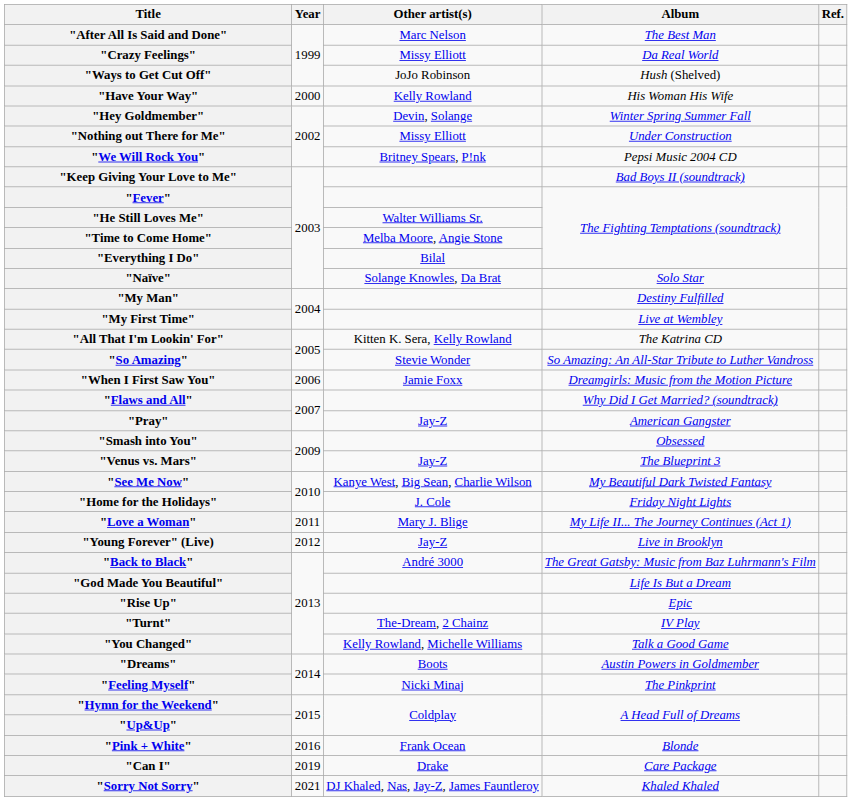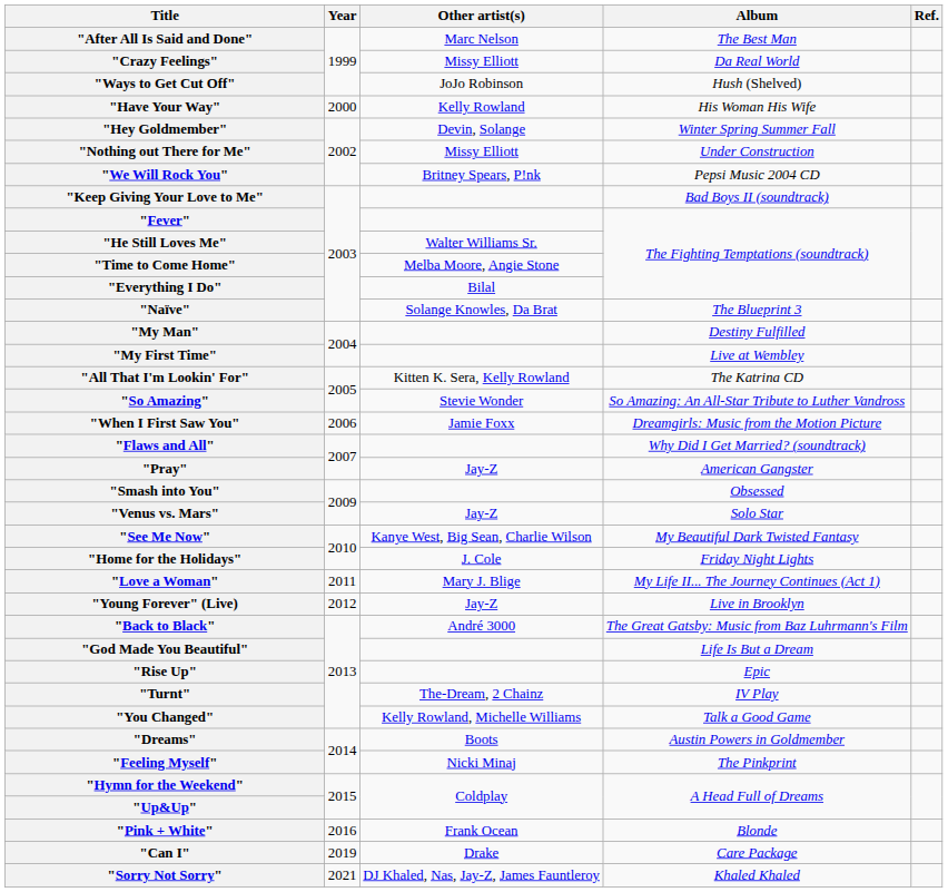 <table class="wikitable plainrowheaders" style="text-align:center;">
 <tr>
 <th scope="col" style="width:22em;">Title</th>
 <th scope="col" style="width:1em;">Year</th>
 <th scope="col">Other artist(s)</th>
 <th scope="col">Album</th>
 <th>Ref.</th>
 </tr>
 <tr>
 <th scope="row">"After All Is Said and Done"</th>
 <td rowspan="3">1999</td>
 <td><a href='#'>Marc Nelson</a></td>
 <td><em><a href='#'>The Best Man</a></em></td>
 <td></td>
 </tr>
 <tr>
 <th scope="row">"Crazy Feelings"</th>
 <td><a href='#'>Missy Elliott</a></td>
 <td><em><a href='#'>Da Real World</a></em></td>
 <td></td>
 </tr>
 <tr>
 <th scope="row">"Ways to Get Cut Off"</th>
 <td>JoJo Robinson</td>
 <td><em>Hush</em> (Shelved)</td>
 <td></td>
 </tr>
 <tr>
 <th scope="row">"Have Your Way"</th>
 <td>2000</td>
 <td><a href='#'>Kelly Rowland</a></td>
 <td><em>His Woman His Wife</em></td>
 <td></td>
 </tr>
 <tr>
 <th scope="row">"Hey Goldmember"</th>
 <td rowspan="3">2002</td>
 <td><a href='#'>Devin</a>, <a href='#'>Solange</a></td>
 <td><em><a href='#'>Winter Spring Summer Fall</a></em></td>
 <td></td>
 </tr>
 <tr>
 <th scope="row">"Nothing out There for Me"</th>
 <td><a href='#'>Missy Elliott</a></td>
 <td><em><a href='#'>Under Construction</a></em></td>
 <td></td>
 </tr>
 <tr>
 <th scope="row">"<a href='#'>We Will Rock You</a>"</th>
 <td><a href='#'>Britney Spears</a>, <a href='#'>P!nk</a></td>
 <td><em>Pepsi Music 2004 CD</em></td>
 <td></td>
 </tr>
 <tr>
 <th scope="row">"Keep Giving Your Love to Me"</th>
 <td rowspan="6">2003</td>
 <td></td>
 <td><em><a href='#'>Bad Boys II (soundtrack)</a></em></td>
 <td></td>
 </tr>
 <tr>
 <th scope="row">"<a href='#'>Fever</a>"</th>
 <td></td>
 <td rowspan="4"><em><a href='#'>The Fighting Temptations (soundtrack)</a></em></td>
 <td rowspan="4"></td>
 </tr>
 <tr>
 <th scope="row">"He Still Loves Me"</th>
 <td><a href='#'>Walter Williams Sr.</a></td>
 </tr>
 <tr>
 <th scope="row">"Time to Come Home"</th>
 <td><a href='#'>Melba Moore</a>, <a href='#'>Angie Stone</a></td>
 </tr>
 <tr>
 <th scope="row">"Everything I Do"</th>
 <td><a href='#'>Bilal</a></td>
 </tr>
 <tr>
 <th scope="row">"Naïve"</th>
 <td><a href='#'>Solange Knowles</a>, <a href='#'>Da Brat</a></td>
-<td><em><a href='#'>Solo Star</a></em></td>
+<td><em><a href='#'>The Blueprint 3</a></em></td>
 <td></td>
 </tr>
 <tr>
 <th scope="row">"My Man"</th>
 <td rowspan="2">2004</td>
 <td></td>
 <td><em><a href='#'>Destiny Fulfilled</a></em></td>
 <td></td>
 </tr>
 <tr>
 <th scope="row">"My First Time"</th>
 <td></td>
 <td><em><a href='#'>Live at Wembley</a></em></td>
 <td></td>
 </tr>
 <tr>
 <th scope="row">"All That I'm Lookin' For"</th>
 <td rowspan="2">2005</td>
 <td>Kitten K. Sera, <a href='#'>Kelly Rowland</a></td>
 <td><em>The Katrina CD</em></td>
 <td></td>
 </tr>
 <tr>
 <th scope="row">"<a href='#'>So Amazing</a>"</th>
 <td><a href='#'>Stevie Wonder</a></td>
 <td><em><a href='#'>So Amazing: An All-Star Tribute to Luther Vandross</a></em></td>
 <td></td>
 </tr>
 <tr>
 <th scope="row">"When I First Saw You"</th>
 <td>2006</td>
 <td><a href='#'>Jamie Foxx</a></td>
 <td><em><a href='#'>Dreamgirls: Music from the Motion Picture</a></em></td>
 <td></td>
 </tr>
 <tr>
 <th scope="row">"<a href='#'>Flaws and All</a>"</th>
 <td rowspan="2">2007</td>
 <td></td>
 <td><em><a href='#'>Why Did I Get Married? (soundtrack)</a></em></td>
 <td></td>
 </tr>
 <tr>
 <th scope="row">"Pray"</th>
 <td><a href='#'>Jay-Z</a></td>
 <td><em><a href='#'>American Gangster</a></em></td>
 <td></td>
 </tr>
 <tr>
 <th scope="row">"Smash into You"</th>
 <td rowspan="2">2009</td>
 <td></td>
 <td><em><a href='#'>Obsessed</a></em></td>
 <td></td>
 </tr>
 <tr>
 <th scope="row">"Venus vs. Mars"</th>
 <td><a href='#'>Jay-Z</a></td>
-<td><em><a href='#'>The Blueprint 3</a></em></td>
+<td><em><a href='#'>Solo Star</a></em></td>
 <td></td>
 </tr>
 <tr>
 <th scope="row">"<a href='#'>See Me Now</a>"</th>
 <td rowspan="2">2010</td>
 <td><a href='#'>Kanye West</a>, <a href='#'>Big Sean</a>, <a href='#'>Charlie Wilson</a></td>
 <td><em><a href='#'>My Beautiful Dark Twisted Fantasy</a></em></td>
 <td></td>
 </tr>
 <tr>
 <th scope="row">"Home for the Holidays"</th>
 <td><a href='#'>J. Cole</a></td>
 <td><em><a href='#'>Friday Night Lights</a></em></td>
 <td></td>
 </tr>
 <tr>
 <th scope="row">"<a href='#'>Love a Woman</a>"</th>
 <td>2011</td>
 <td><a href='#'>Mary J. Blige</a></td>
 <td><em><a href='#'>My Life II... The Journey Continues (Act 1)</a></em></td>
 <td></td>
 </tr>
 <tr>
 <th scope="row">"Young Forever" (Live)</th>
 <td>2012</td>
 <td><a href='#'>Jay-Z</a></td>
 <td><em><a href='#'>Live in Brooklyn</a></em></td>
 <td></td>
 </tr>
 <tr>
 <th scope="row">"<a href='#'>Back to Black</a>"</th>
 <td rowspan="5">2013</td>
 <td><a href='#'>André 3000</a></td>
 <td><em><a href='#'>The Great Gatsby: Music from Baz Luhrmann's Film</a></em></td>
 <td></td>
 </tr>
 <tr>
 <th scope="row">"God Made You Beautiful"</th>
 <td></td>
 <td><em><a href='#'>Life Is But a Dream</a></em></td>
 <td></td>
 </tr>
 <tr>
 <th scope="row">"Rise Up"</th>
 <td></td>
 <td><em><a href='#'>Epic</a></em></td>
 <td></td>
 </tr>
 <tr>
 <th scope="row">"Turnt"</th>
 <td><a href='#'>The-Dream</a>, <a href='#'>2 Chainz</a></td>
 <td><em><a href='#'>IV Play</a></em></td>
 <td></td>
 </tr>
 <tr>
 <th scope="row">"You Changed"</th>
 <td><a href='#'>Kelly Rowland</a>, <a href='#'>Michelle Williams</a></td>
 <td><em><a href='#'>Talk a Good Game</a></em></td>
 <td></td>
 </tr>
 <tr>
 <th scope="row">"Dreams"</th>
 <td rowspan="2">2014</td>
 <td><a href='#'>Boots</a></td>
 <td><em><a href='#'>Austin Powers in Goldmember</a></em></td>
 <td></td>
 </tr>
 <tr>
 <th scope="row">"<a href='#'>Feeling Myself</a>"</th>
 <td><a href='#'>Nicki Minaj</a></td>
 <td><em><a href='#'>The Pinkprint</a></em></td>
 <td></td>
 </tr>
 <tr>
 <th scope="row">"<a href='#'>Hymn for the Weekend</a>"</th>
 <td rowspan="2">2015</td>
 <td rowspan="2"><a href='#'>Coldplay</a></td>
 <td rowspan="2"><em><a href='#'>A Head Full of Dreams</a></em></td>
 <td rowspan="2"></td>
 </tr>
 <tr>
 <th scope="row">"<a href='#'>Up&Up</a>"</th>
 </tr>
 <tr>
 <th scope="row">"<a href='#'>Pink + White</a>"</th>
 <td>2016</td>
 <td><a href='#'>Frank Ocean</a></td>
 <td><em><a href='#'>Blonde</a></em></td>
 <td></td>
 </tr>
 <tr>
 <th scope="row">"Can I"</th>
 <td>2019</td>
 <td><a href='#'>Drake</a></td>
 <td><em><a href='#'>Care Package</a></em></td>
 <td></td>
 </tr>
 <tr>
 <th scope="row">"<a href='#'>Sorry Not Sorry</a>"</th>
 <td>2021</td>
 <td><a href='#'>DJ Khaled</a>, <a href='#'>Nas</a>, <a href='#'>Jay-Z</a>, <a href='#'>James Fauntleroy</a></td>
 <td><em><a href='#'>Khaled Khaled</a></em></td>
 <td></td>
 </tr>
 </table>
